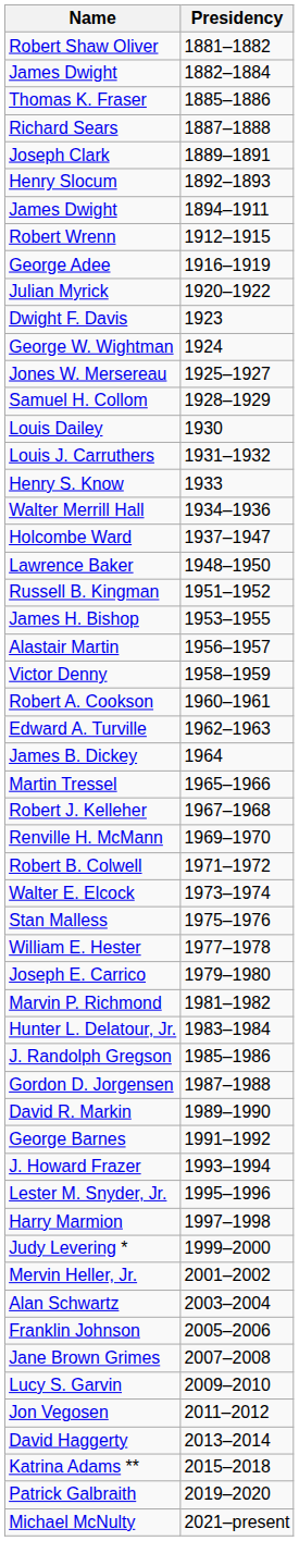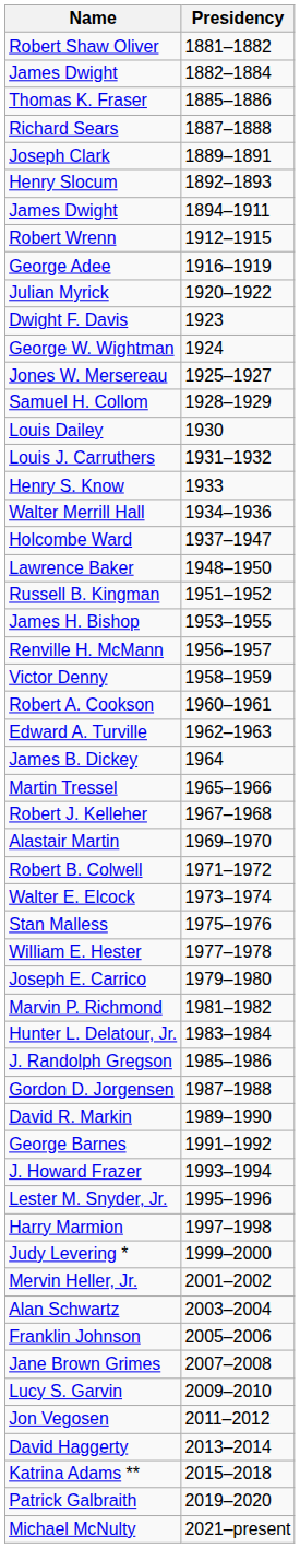 <table class="wikitable">
 <tr style="background:#EFEFEF">
 <th>Name</th>
 <th>Presidency</th>
 </tr>
 <tr>
 <td><a href='#'>Robert Shaw Oliver</a></td>
 <td>1881–1882</td>
 </tr>
 <tr>
 <td><a href='#'>James Dwight</a></td>
 <td>1882–1884</td>
 </tr>
 <tr>
 <td><a href='#'>Thomas K. Fraser</a></td>
 <td>1885–1886</td>
 </tr>
 <tr>
 <td><a href='#'>Richard Sears</a></td>
 <td>1887–1888</td>
 </tr>
 <tr>
 <td><a href='#'>Joseph Clark</a></td>
 <td>1889–1891</td>
 </tr>
 <tr>
 <td><a href='#'>Henry Slocum</a></td>
 <td>1892–1893</td>
 </tr>
 <tr>
 <td><a href='#'>James Dwight</a></td>
 <td>1894–1911</td>
 </tr>
 <tr>
 <td><a href='#'>Robert Wrenn</a></td>
 <td>1912–1915</td>
 </tr>
 <tr>
 <td><a href='#'>George Adee</a></td>
 <td>1916–1919</td>
 </tr>
 <tr>
 <td><a href='#'>Julian Myrick</a></td>
 <td>1920–1922</td>
 </tr>
 <tr>
 <td><a href='#'>Dwight F. Davis</a></td>
 <td>1923</td>
 </tr>
 <tr>
 <td><a href='#'>George W. Wightman</a></td>
 <td>1924</td>
 </tr>
 <tr>
 <td><a href='#'>Jones W. Mersereau</a></td>
 <td>1925–1927</td>
 </tr>
 <tr>
 <td><a href='#'>Samuel H. Collom</a></td>
 <td>1928–1929</td>
 </tr>
 <tr>
 <td><a href='#'>Louis Dailey</a></td>
 <td>1930</td>
 </tr>
 <tr>
 <td><a href='#'>Louis J. Carruthers</a></td>
 <td>1931–1932</td>
 </tr>
 <tr>
 <td><a href='#'>Henry S. Know</a></td>
 <td>1933</td>
 </tr>
 <tr>
 <td><a href='#'>Walter Merrill Hall</a></td>
 <td>1934–1936</td>
 </tr>
 <tr>
 <td><a href='#'>Holcombe Ward</a></td>
 <td>1937–1947</td>
 </tr>
 <tr>
 <td><a href='#'>Lawrence Baker</a></td>
 <td>1948–1950</td>
 </tr>
 <tr>
 <td><a href='#'>Russell B. Kingman</a></td>
 <td>1951–1952</td>
 </tr>
 <tr>
 <td><a href='#'>James H. Bishop</a></td>
 <td>1953–1955</td>
 </tr>
 <tr>
-<td><a href='#'>Alastair Martin</a></td>
+<td><a href='#'>Renville H. McMann</a></td>
 <td>1956–1957</td>
 </tr>
 <tr>
 <td><a href='#'>Victor Denny</a></td>
 <td>1958–1959</td>
 </tr>
 <tr>
 <td><a href='#'>Robert A. Cookson</a></td>
 <td>1960–1961</td>
 </tr>
 <tr>
 <td><a href='#'>Edward A. Turville</a></td>
 <td>1962–1963</td>
 </tr>
 <tr>
 <td><a href='#'>James B. Dickey</a></td>
 <td>1964</td>
 </tr>
 <tr>
 <td><a href='#'>Martin Tressel</a></td>
 <td>1965–1966</td>
 </tr>
 <tr>
 <td><a href='#'>Robert J. Kelleher</a></td>
 <td>1967–1968</td>
 </tr>
 <tr>
-<td><a href='#'>Renville H. McMann</a></td>
+<td><a href='#'>Alastair Martin</a></td>
 <td>1969–1970</td>
 </tr>
 <tr>
 <td><a href='#'>Robert B. Colwell</a></td>
 <td>1971–1972</td>
 </tr>
 <tr>
 <td><a href='#'>Walter E. Elcock</a></td>
 <td>1973–1974</td>
 </tr>
 <tr>
 <td><a href='#'>Stan Malless</a></td>
 <td>1975–1976</td>
 </tr>
 <tr>
 <td><a href='#'>William E. Hester</a></td>
 <td>1977–1978</td>
 </tr>
 <tr>
 <td><a href='#'>Joseph E. Carrico</a></td>
 <td>1979–1980</td>
 </tr>
 <tr>
 <td><a href='#'>Marvin P. Richmond</a></td>
 <td>1981–1982</td>
 </tr>
 <tr>
 <td><a href='#'>Hunter L. Delatour, Jr.</a></td>
 <td>1983–1984</td>
 </tr>
 <tr>
 <td><a href='#'>J. Randolph Gregson</a></td>
 <td>1985–1986</td>
 </tr>
 <tr>
 <td><a href='#'>Gordon D. Jorgensen</a></td>
 <td>1987–1988</td>
 </tr>
 <tr>
 <td><a href='#'>David R. Markin</a></td>
 <td>1989–1990</td>
 </tr>
 <tr>
 <td><a href='#'>George Barnes</a></td>
 <td>1991–1992</td>
 </tr>
 <tr>
 <td><a href='#'>J. Howard Frazer</a></td>
 <td>1993–1994</td>
 </tr>
 <tr>
 <td><a href='#'>Lester M. Snyder, Jr.</a></td>
 <td>1995–1996</td>
 </tr>
 <tr>
 <td><a href='#'>Harry Marmion</a></td>
 <td>1997–1998</td>
 </tr>
 <tr>
 <td><a href='#'>Judy Levering</a> *</td>
 <td>1999–2000</td>
 </tr>
 <tr>
 <td><a href='#'>Mervin Heller, Jr.</a></td>
 <td>2001–2002</td>
 </tr>
 <tr>
 <td><a href='#'>Alan Schwartz</a></td>
 <td>2003–2004</td>
 </tr>
 <tr>
 <td><a href='#'>Franklin Johnson</a></td>
 <td>2005–2006</td>
 </tr>
 <tr>
 <td><a href='#'>Jane Brown Grimes</a></td>
 <td>2007–2008</td>
 </tr>
 <tr>
 <td><a href='#'>Lucy S. Garvin</a></td>
 <td>2009–2010</td>
 </tr>
 <tr>
 <td><a href='#'>Jon Vegosen</a></td>
 <td>2011–2012</td>
 </tr>
 <tr>
 <td><a href='#'>David Haggerty</a></td>
 <td>2013–2014</td>
 </tr>
 <tr>
 <td><a href='#'>Katrina Adams</a> **</td>
 <td>2015–2018</td>
 </tr>
 <tr>
 <td><a href='#'>Patrick Galbraith</a></td>
 <td>2019–2020</td>
 </tr>
 <tr>
 <td><a href='#'>Michael McNulty</a></td>
 <td>2021–present</td>
 </tr>
 </table>
